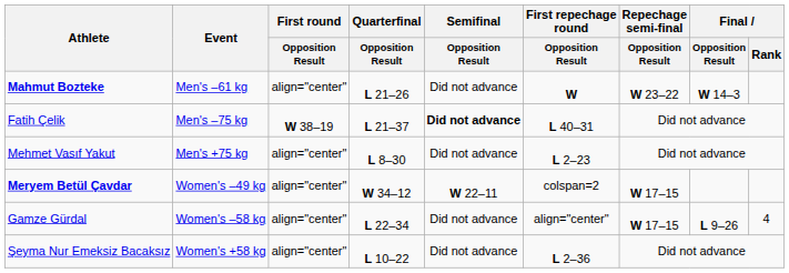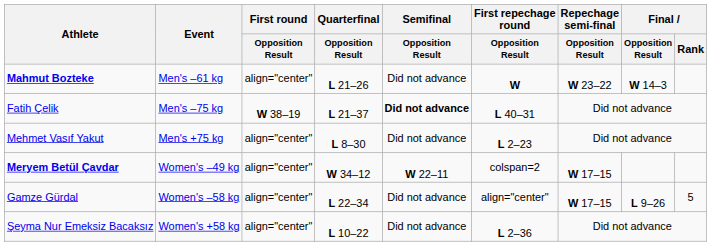 <table class="wikitable" style="font-size:95%;">
 <tr>
 <th rowspan="2">Athlete</th>
 <th rowspan="2">Event</th>
 <th>First round</th>
 <th>Quarterfinal</th>
 <th>Semifinal</th>
 <th>First repechage <br>round</th>
 <th>Repechage <br>semi-final</th>
 <th colspan="2">Final / </th>
 </tr>
 <tr>
 <th style="line-height:1em"><small>Opposition<br>Result</small></th>
 <th style="line-height:1em"><small>Opposition<br>Result</small></th>
 <th style="line-height:1em"><small>Opposition<br>Result</small></th>
 <th style="line-height:1em"><small>Opposition<br>Result</small></th>
 <th style="line-height:1em"><small>Opposition<br>Result</small></th>
 <th style="line-height:1em"><small>Opposition<br>Result</small></th>
 <th style="line-height:1em">Rank</th>
 </tr>
 <tr align=center>
 <td align=left><strong><a href='#'>Mahmut Bozteke</a></strong></td>
 <td align=left><a href='#'>Men's –61 kg</a></td>
 <td>align="center" </td>
 <td align=center><br><strong>L</strong> 21–26</td>
 <td>Did not advance</td>
 <td align=center><br><strong>W</strong> </td>
 <td align=center><br><strong>W</strong> 23–22</td>
 <td align=center><br><strong>W</strong> 14–3</td>
 <td></td>
 </tr>
 <tr align=center>
 <td align=left><a href='#'>Fatih Çelik</a></td>
 <td align=left><a href='#'>Men's –75 kg</a></td>
 <td align=center><br><strong>W</strong> 38–19</td>
 <td align=center><br><strong>L</strong> 21–37</td>
 <td><strong>Did not advance</strong></td>
 <td align=center><br><strong>L</strong> 40–31</td>
 <td colspan=3>Did not advance</td>
 </tr>
 <tr align=center>
 <td align=left><a href='#'>Mehmet Vasıf Yakut</a></td>
 <td align=left><a href='#'>Men's +75 kg</a></td>
 <td>align="center" </td>
 <td align=center><br><strong>L</strong> 8–30</td>
 <td>Did not advance</td>
 <td align=center><br><strong>L</strong> 2–23</td>
 <td colspan=3>Did not advance</td>
 </tr>
 <tr align=center>
 <td align=left><strong><a href='#'>Meryem Betül Çavdar</a></strong></td>
 <td align=left><a href='#'>Women's –49 kg</a></td>
 <td>align="center" </td>
 <td align=center><br><strong>W</strong> 34–12</td>
 <td align=center><br><strong>W</strong> 22–11</td>
 <td>colspan=2 </td>
 <td align=center><br><strong>W</strong> 17–15</td>
 <td></td>
 </tr>
 <tr align=center>
 <td align=left><a href='#'>Gamze Gürdal</a></td>
 <td align=left><a href='#'>Women's –58 kg</a></td>
 <td>align="center" </td>
 <td align=center><br><strong>L</strong> 22–34</td>
 <td>Did not advance</td>
 <td>align="center" </td>
 <td align=center><br><strong>W</strong> 17–15</td>
 <td align=center><br><strong>L</strong> 9–26</td>
-<td>4</td>
+<td>5</td>
 </tr>
 <tr align=center>
 <td align=left><a href='#'>Şeyma Nur Emeksiz Bacaksız</a></td>
 <td align=left><a href='#'>Women's +58 kg</a></td>
 <td>align="center" </td>
 <td align=center><br><strong>L</strong> 10–22</td>
 <td>Did not advance</td>
 <td align=center><br><strong>L</strong> 2–36</td>
 <td colspan=3>Did not advance</td>
 </tr>
 </table>
